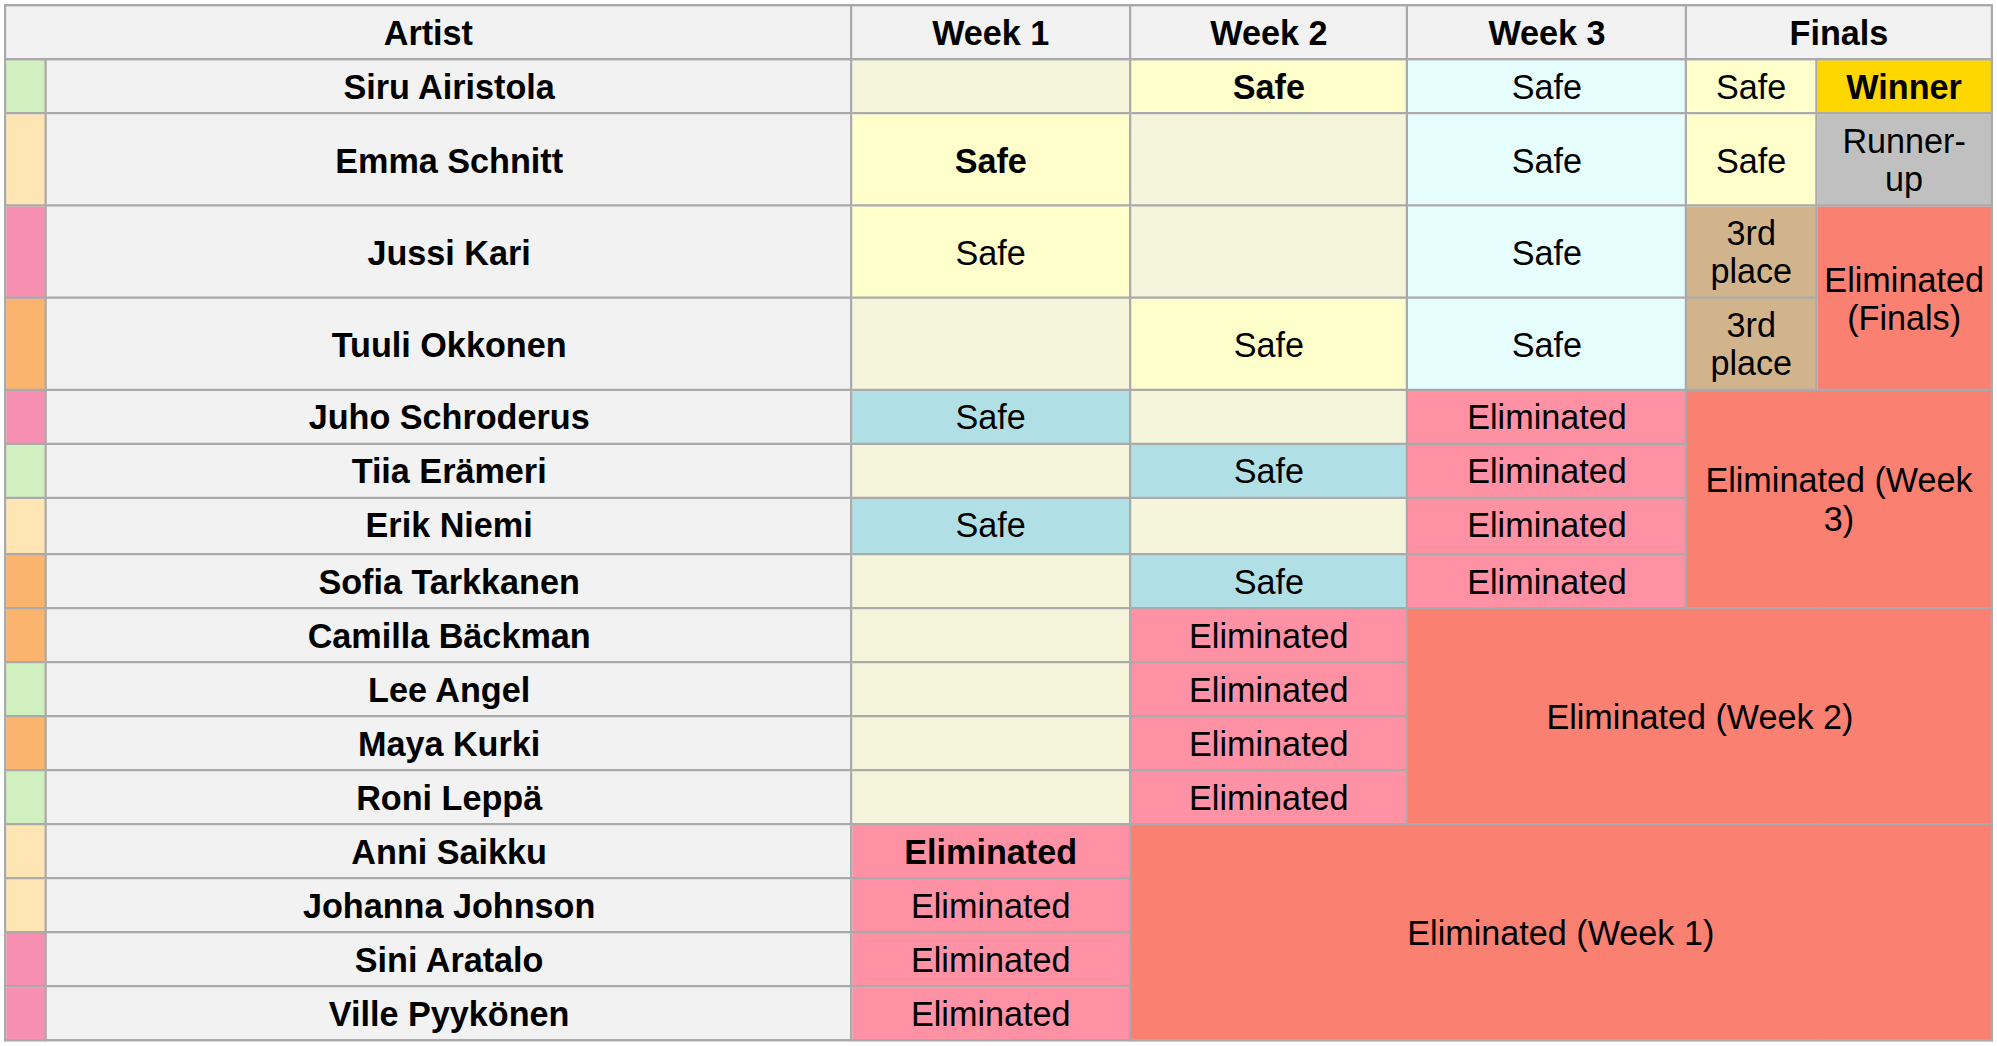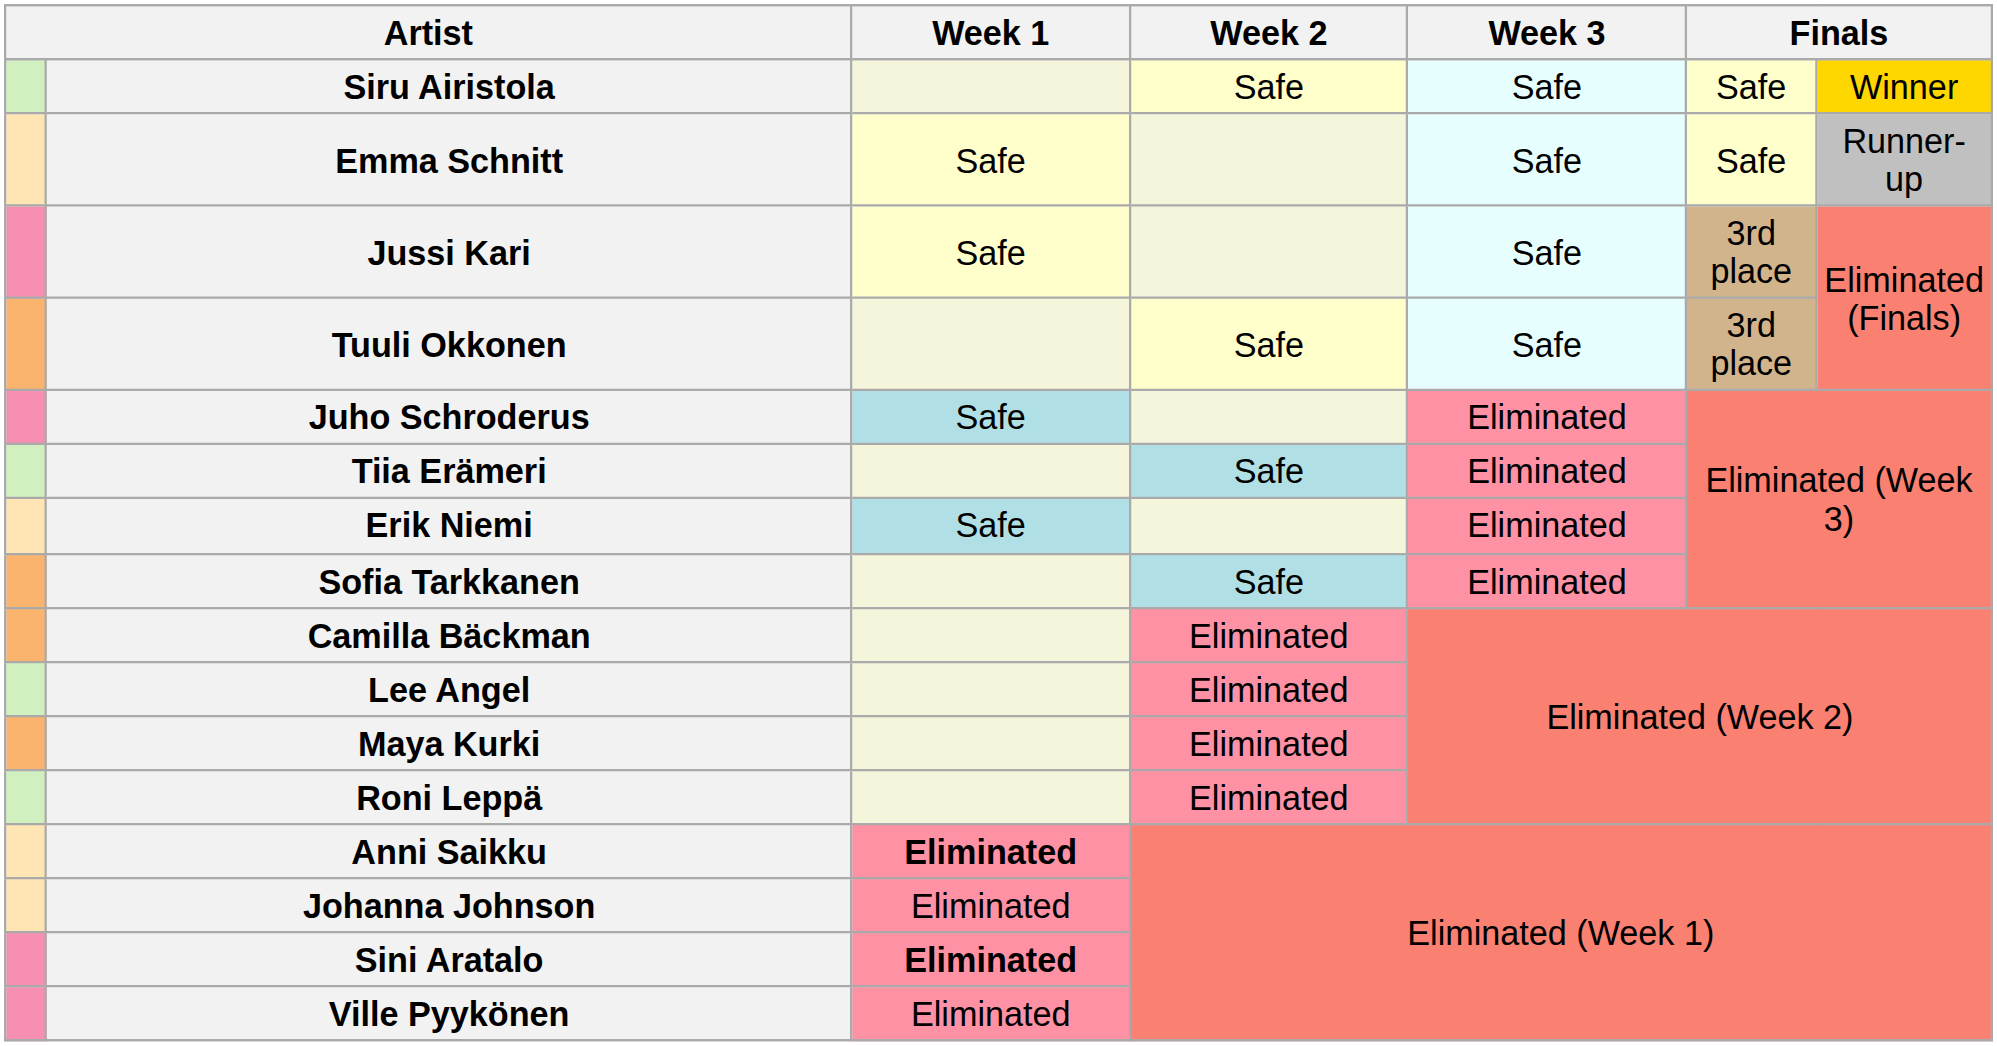 <table class="wikitable"  style="text-align:center; font-size:95%; width:100%;">
 <tr>
 </tr>
 <tr>
 <th colspan="2">Artist</th>
 <th style="width:14%;">Week 1</th>
 <th style="width:14%;">Week 2</th>
 <th style="width:14%;">Week 3</th>
 <th Colspan="2" style="width:14%;">Finals</th>
 </tr>
 <tr>
 </tr>
 <tr>
 <th style="background:#d0f0c0;"></th>
 <th>Siru Airistola</th>
 <td style="background:#F5F5DC;"></td>
-<td style="background:#ffc;"><strong>Safe</strong></td>
+<td style="background:#ffc;">Safe</td>
 <td style="background:#E7FEFF;">Safe</td>
 <td style="background:#ffc;">Safe</td>
-<td style="background:gold;"><strong>Winner</strong></td>
+<td style="background:gold;">Winner</td>
 </tr>
 <tr>
 <th style="background:#ffe5b4;"></th>
 <th>Emma Schnitt</th>
-<td style="background:#ffc;"><strong>Safe</strong></td>
+<td style="background:#ffc;">Safe</td>
 <td style="background:#F5F5DC;"></td>
 <td style="background:#E7FEFF;">Safe</td>
 <td style="background:#ffc;">Safe</td>
 <td style="background:silver;">Runner-up</td>
 </tr>
 <tr>
 <th style="background:#f78fb2;"></th>
 <th>Jussi Kari</th>
 <td style="background:#ffc;">Safe</td>
 <td style="background:#F5F5DC;"></td>
 <td style="background:#E7FEFF;">Safe</td>
 <td style="background:tan;">3rd place</td>
 <td rowspan="2" colspan="5" style="background:salmon;">Eliminated (Finals)</td>
 </tr>
 <tr>
 <th style="background:#fbb46e;"></th>
 <th>Tuuli Okkonen</th>
 <td style="background:#F5F5DC;"></td>
 <td style="background:#ffc;">Safe</td>
 <td style="background:#E7FEFF;">Safe</td>
 <td style="background:tan;">3rd place</td>
 </tr>
 <tr>
 <th style="background:#f78fb2;"></th>
 <th>Juho Schroderus</th>
 <td style="background:#B0E0E6;">Safe</td>
 <td style="background:#F5F5DC;"></td>
 <td style="background:#FF91A4;">Eliminated</td>
 <td rowspan="4" colspan="5" style="background:salmon;">Eliminated (Week 3)</td>
 </tr>
 <tr>
 <th style="background:#d0f0c0;"></th>
 <th>Tiia Erämeri</th>
 <td style="background:#F5F5DC;"></td>
 <td style="background:#B0E0E6;">Safe</td>
 <td style="background:#FF91A4;">Eliminated</td>
 </tr>
 <tr>
 <th style="background:#ffe5b4;"></th>
 <th>Erik Niemi</th>
 <td style="background:#B0E0E6;">Safe</td>
 <td style="background:#F5F5DC;"></td>
 <td style="background:#FF91A4;">Eliminated</td>
 </tr>
 <tr>
 <th style="background:#fbb46e;"></th>
 <th>Sofia Tarkkanen</th>
 <td style="background:#F5F5DC;"></td>
 <td style="background:#B0E0E6;">Safe</td>
 <td style="background:#FF91A4;">Eliminated</td>
 </tr>
 <tr>
 <th style="background:#fbb46e;"></th>
 <th>Camilla Bäckman</th>
 <td style="background:#F5F5DC;"></td>
 <td style="background:#FF91A4;">Eliminated</td>
 <td rowspan="4" colspan="5" style="background:salmon;">Eliminated (Week 2)</td>
 </tr>
 <tr>
 <th style="background:#d0f0c0;"></th>
 <th>Lee Angel</th>
 <td style="background:#F5F5DC;"></td>
 <td style="background:#FF91A4;">Eliminated</td>
 </tr>
 <tr>
 <th style="background:#fbb46e;"></th>
 <th>Maya Kurki</th>
 <td style="background:#F5F5DC;"></td>
 <td style="background:#FF91A4;">Eliminated</td>
 </tr>
 <tr>
 <th style="background:#d0f0c0;"></th>
 <th>Roni Leppä</th>
 <td style="background:#F5F5DC;"></td>
 <td style="background:#FF91A4;">Eliminated</td>
 </tr>
 <tr>
 <th style="background:#ffe5b4;"></th>
 <th>Anni Saikku</th>
 <td style="background:#FF91A4;"><strong>Eliminated</strong></td>
 <td rowspan="4" colspan="5" style="background:salmon;">Eliminated (Week 1)</td>
 </tr>
 <tr>
 <th style="background:#ffe5b4;"></th>
 <th>Johanna Johnson</th>
 <td style="background:#FF91A4;">Eliminated</td>
 </tr>
 <tr>
 <th style="background:#f78fb2;"></th>
 <th>Sini Aratalo</th>
-<td style="background:#FF91A4;">Eliminated</td>
+<td style="background:#FF91A4;"><strong>Eliminated</strong></td>
 </tr>
 <tr>
 <th style="background:#f78fb2;"></th>
 <th>Ville Pyykönen</th>
 <td style="background:#FF91A4;">Eliminated</td>
 </tr>
 <tr>
 </tr>
 </table>
